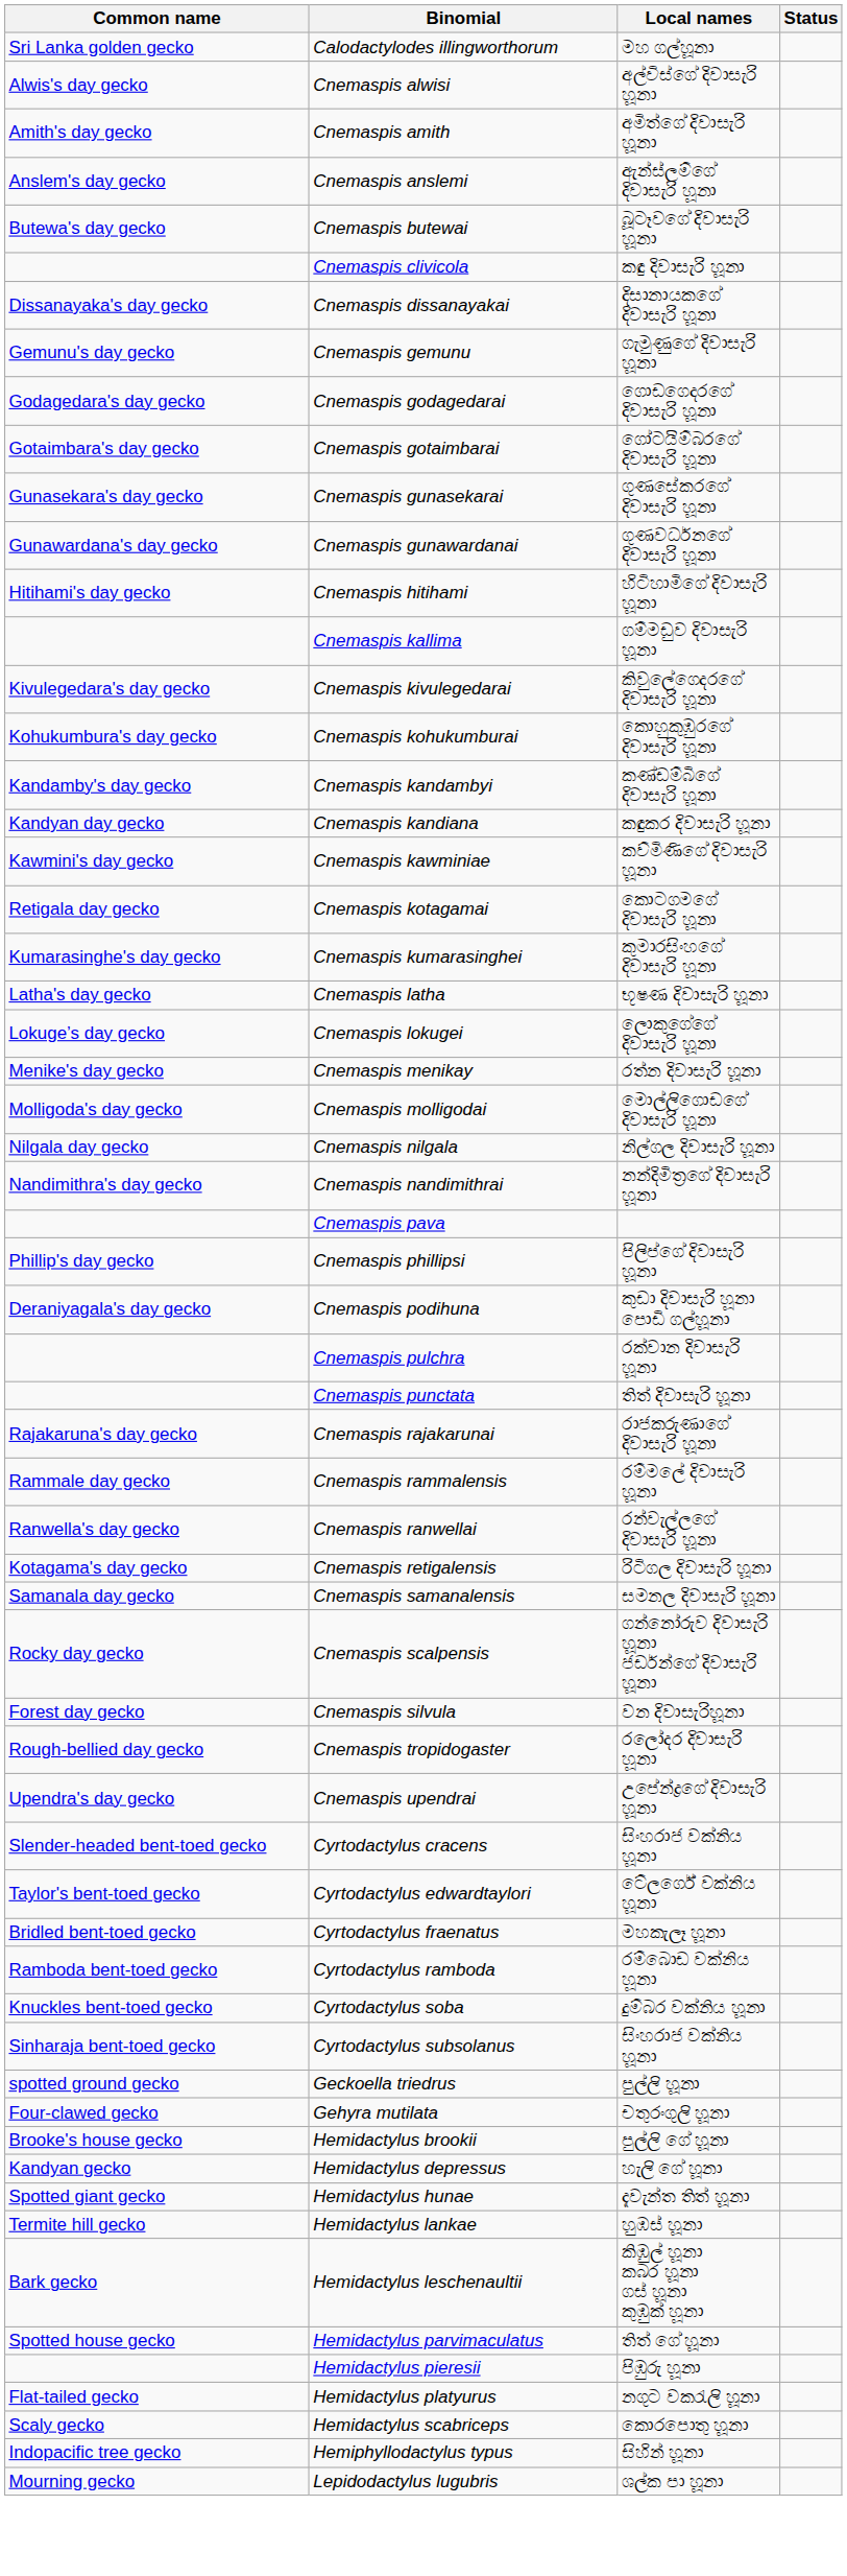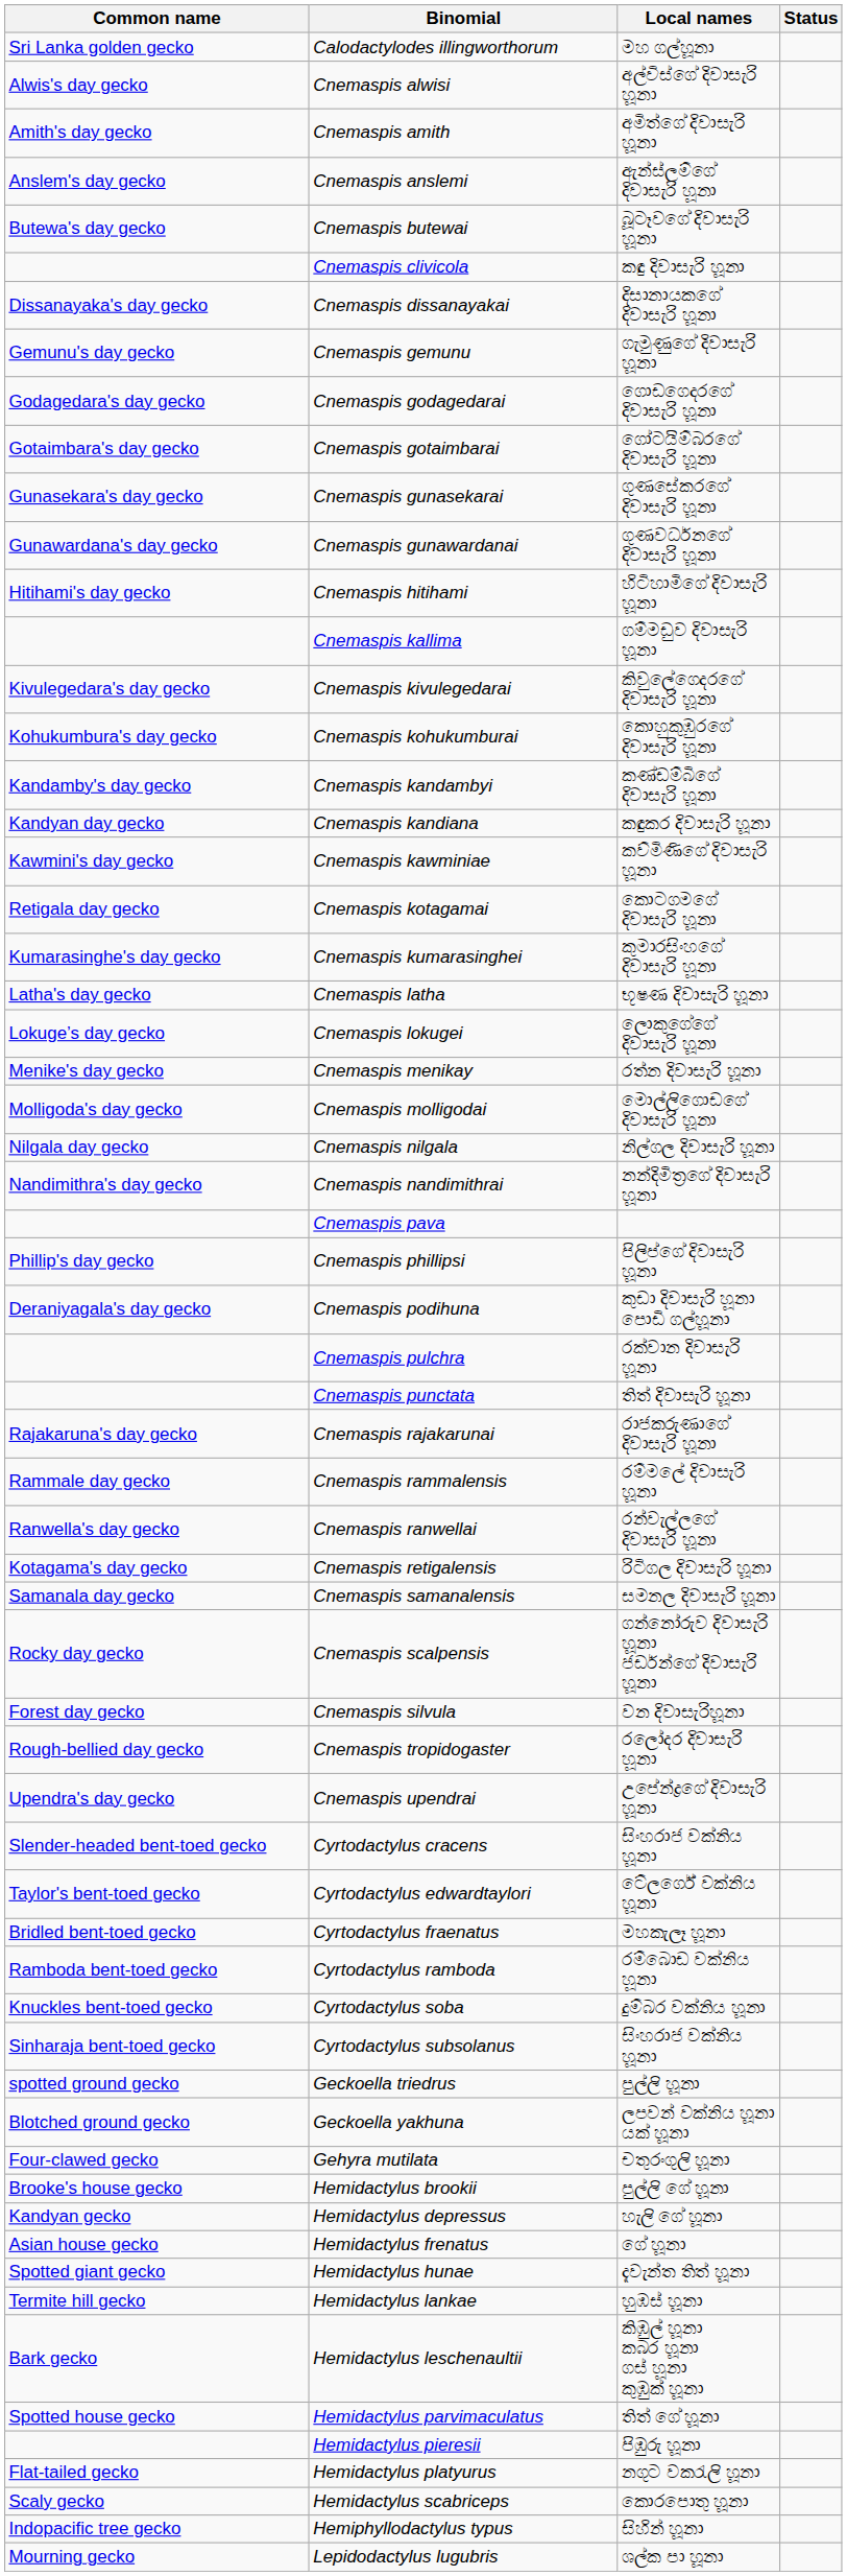 <table width=60% class="wikitable">
 <tr>
 <th width=40%>Common name</th>
 <th width=40%>Binomial</th>
 <th width=40%>Local names</th>
 <th width=20%>Status</th>
 </tr>
 <tr>
 <td><a href='#'>Sri Lanka golden gecko</a></td>
 <td><em>Calodactylodes illingworthorum</em></td>
 <td>මහ ගල්හූනා</td>
 <td></td>
 </tr>
 <tr>
 <td><a href='#'>Alwis's day gecko</a></td>
 <td><em>Cnemaspis alwisi</em></td>
 <td>අල්විස්ගේ දිවාසැරි හූනා</td>
 <td></td>
 </tr>
 <tr>
 <td><a href='#'>Amith's day gecko</a><br></td>
 <td><em>Cnemaspis amith</em></td>
 <td>අමිත්ගේ දිවාසැරි හූනා</td>
 <td></td>
 </tr>
 <tr>
 <td><a href='#'>Anslem's day gecko</a></td>
 <td><em>Cnemaspis anslemi</em></td>
 <td>ඇන්ස්ලම්ගේ දිවාසැරි හූනා</td>
 <td></td>
 </tr>
 <tr>
 <td><a href='#'>Butewa's day gecko</a></td>
 <td><em>Cnemaspis butewai</em></td>
 <td>බූටෑවගේ දිවාසැරි හූනා</td>
 <td></td>
 </tr>
 <tr>
 <td></td>
 <td><em><a href='#'>Cnemaspis clivicola</a></em></td>
 <td>කඳු දිවාසැරි හූනා</td>
 <td></td>
 </tr>
 <tr>
 <td><a href='#'>Dissanayaka's day gecko</a></td>
 <td><em>Cnemaspis dissanayakai</em></td>
 <td>දිසානායකගේ දිවාසැරි හූනා</td>
 <td></td>
 </tr>
 <tr>
 <td><a href='#'>Gemunu's day gecko</a></td>
 <td><em>Cnemaspis gemunu</em></td>
 <td>ගැමුණුගේ දිවාසැරි හූනා</td>
 <td></td>
 </tr>
 <tr>
 <td><a href='#'>Godagedara's day gecko</a></td>
 <td><em>Cnemaspis godagedarai</em></td>
 <td>ගොඩගෙදරගේ දිවාසැරි හූනා</td>
 <td></td>
 </tr>
 <tr>
 <td><a href='#'>Gotaimbara's day gecko</a></td>
 <td><em>Cnemaspis gotaimbarai</em></td>
 <td>ගෝටයිම්බරගේ දිවාසැරි හූනා</td>
 <td></td>
 </tr>
 <tr>
 <td><a href='#'>Gunasekara's day gecko</a></td>
 <td><em>Cnemaspis gunasekarai</em></td>
 <td>ගුණසේකරගේ දිවාසැරි හූනා</td>
 <td></td>
 </tr>
 <tr>
 <td><a href='#'>Gunawardana's day gecko</a></td>
 <td><em>Cnemaspis gunawardanai</em></td>
 <td>ගුණවර්ධනගේ දිවාසැරි හූනා</td>
 <td></td>
 </tr>
 <tr>
 <td><a href='#'>Hitihami's day gecko</a></td>
 <td><em>Cnemaspis hitihami</em></td>
 <td>හිටිහාමිගේ දිවාසැරි හූනා</td>
 <td></td>
 </tr>
 <tr>
 <td></td>
 <td><em><a href='#'>Cnemaspis kallima</a></em></td>
 <td>ගම්මඩුව දිවාසැරි හූනා</td>
 <td></td>
 </tr>
 <tr>
 <td><a href='#'>Kivulegedara's day gecko</a></td>
 <td><em>Cnemaspis kivulegedarai</em></td>
 <td>කිවුලේගෙදරගේ දිවාසැරි හූනා</td>
 <td></td>
 </tr>
 <tr>
 <td><a href='#'>Kohukumbura's day gecko</a></td>
 <td><em>Cnemaspis kohukumburai</em></td>
 <td>කොහුකුඹුරගේ දිවාසැරි හූනා</td>
 <td></td>
 </tr>
 <tr>
 <td><a href='#'>Kandamby's day gecko</a></td>
 <td><em>Cnemaspis kandambyi</em></td>
 <td>කණ්ඩම්බිගේ දිවාසැරි හූනා</td>
 <td></td>
 </tr>
 <tr>
 <td><a href='#'>Kandyan day gecko</a></td>
 <td><em>Cnemaspis kandiana</em></td>
 <td>කඳුකර දිවාසැරි හූනා</td>
 <td></td>
 </tr>
 <tr>
 <td><a href='#'>Kawmini's day gecko</a></td>
 <td><em>Cnemaspis kawminiae</em></td>
 <td>කව්මිණිගේ දිවාසැරි හූනා</td>
 <td></td>
 </tr>
 <tr>
 <td><a href='#'>Retigala day gecko</a></td>
 <td><em>Cnemaspis kotagamai</em></td>
 <td>කොටගමගේ දිවාසැරි හූනා</td>
 <td></td>
 </tr>
 <tr>
 <td><a href='#'>Kumarasinghe's day gecko</a></td>
 <td><em>Cnemaspis kumarasinghei</em></td>
 <td>කුමාරසිංහගේ දිවාසැරි හූනා</td>
 <td></td>
 </tr>
 <tr>
 <td><a href='#'>Latha's day gecko</a></td>
 <td><em>Cnemaspis latha</em></td>
 <td>භූෂණ දිවාසැරි හූනා</td>
 <td></td>
 </tr>
 <tr>
 <td><a href='#'>Lokuge’s day gecko</a><br></td>
 <td><em>Cnemaspis lokugei</em></td>
 <td>ලොකුගේගේ දිවාසැරි හූනා</td>
 <td></td>
 </tr>
 <tr>
 <td><a href='#'>Menike's day gecko</a></td>
 <td><em>Cnemaspis menikay</em></td>
 <td>රත්න දිවාසැරි හූනා</td>
 <td></td>
 </tr>
 <tr>
 <td><a href='#'>Molligoda's day gecko</a></td>
 <td><em>Cnemaspis molligodai</em></td>
 <td>මොල්ලිගොඩගේ දිවාසැරි හූනා</td>
 <td></td>
 </tr>
 <tr>
 <td><a href='#'>Nilgala day gecko</a></td>
 <td><em>Cnemaspis nilgala</em></td>
 <td>නිල්ගල දිවාසැරි හූනා</td>
 <td></td>
 </tr>
 <tr>
 <td><a href='#'>Nandimithra's day gecko</a></td>
 <td><em>Cnemaspis nandimithrai</em></td>
 <td>නන්දිමිත්‍රගේ දිවාසැරි හූනා</td>
 <td></td>
 </tr>
 <tr>
 <td></td>
 <td><em><a href='#'>Cnemaspis pava</a></em></td>
 <td></td>
 <td></td>
 </tr>
 <tr>
 <td><a href='#'>Phillip's day gecko</a></td>
 <td><em>Cnemaspis phillipsi</em></td>
 <td>පිලිප්ගේ දිවාසැරි හූනා</td>
 <td></td>
 </tr>
 <tr>
 <td><a href='#'>Deraniyagala's day gecko</a></td>
 <td><em>Cnemaspis podihuna</em></td>
 <td>කුඩා දිවාසැරි හූනා<br> පොඩි ගල්හූනා</td>
 <td></td>
 </tr>
 <tr>
 <td></td>
 <td><em><a href='#'>Cnemaspis pulchra</a></em></td>
 <td>රක්වාන දිවාසැරි හූනා</td>
 <td></td>
 </tr>
 <tr>
 <td></td>
 <td><em><a href='#'>Cnemaspis punctata</a></em></td>
 <td>තිත් දිවාසැරි හූනා</td>
 <td></td>
 </tr>
 <tr>
 <td><a href='#'>Rajakaruna's day gecko</a></td>
 <td><em>Cnemaspis rajakarunai</em></td>
 <td>රාජකරුණාගේ දිවාසැරි හූනා</td>
 <td></td>
 </tr>
 <tr>
 <td><a href='#'>Rammale day gecko</a></td>
 <td><em>Cnemaspis rammalensis</em></td>
 <td>රම්මලේ දිවාසැරි හූනා</td>
 <td></td>
 </tr>
 <tr>
 <td><a href='#'>Ranwella's day gecko</a></td>
 <td><em>Cnemaspis ranwellai</em></td>
 <td>රන්වැල්ලගේ දිවාසැරි හූනා</td>
 <td></td>
 </tr>
 <tr>
 <td><a href='#'>Kotagama's day gecko</a></td>
 <td><em>Cnemaspis retigalensis</em></td>
 <td>රිටිගල දිවාසැරි හූනා</td>
 <td></td>
 </tr>
 <tr>
 <td><a href='#'>Samanala day gecko</a></td>
 <td><em>Cnemaspis samanalensis</em></td>
 <td>සමනල දිවාසැරි හූනා</td>
 <td></td>
 </tr>
 <tr>
 <td><a href='#'>Rocky day gecko</a></td>
 <td><em>Cnemaspis scalpensis</em></td>
 <td>ගන්නෝරුව දිවාසැරි හූනා<br> ජර්ඩන්ගේ දිවාසැරි හූනා</td>
 <td></td>
 </tr>
 <tr>
 <td><a href='#'>Forest day gecko</a></td>
 <td><em>Cnemaspis silvula</em></td>
 <td>වන දිවාසැරිහූනා</td>
 <td></td>
 </tr>
 <tr>
 <td><a href='#'>Rough-bellied day gecko</a><br></td>
 <td><em>Cnemaspis tropidogaster</em></td>
 <td>රලෝදර දිවාසැරි හූනා</td>
 <td></td>
 </tr>
 <tr>
 <td><a href='#'>Upendra's day gecko</a></td>
 <td><em>Cnemaspis upendrai</em></td>
 <td>උපේන්ද්‍රගේ දිවාසැරි හූනා</td>
 <td></td>
 </tr>
 <tr>
 <td><a href='#'>Slender-headed bent-toed gecko</a></td>
 <td><em>Cyrtodactylus cracens</em></td>
 <td>සිංහරාජ වක්නිය හූනා</td>
 <td></td>
 </tr>
 <tr>
 <td><a href='#'>Taylor's bent-toed gecko</a></td>
 <td><em>Cyrtodactylus edwardtaylori</em></td>
 <td>ටේලර්ගේ වක්නිය හූනා</td>
 <td></td>
 </tr>
 <tr>
 <td><a href='#'>Bridled bent-toed gecko</a></td>
 <td><em>Cyrtodactylus fraenatus</em></td>
 <td>මහකැලෑ හූනා</td>
 <td></td>
 </tr>
 <tr>
 <td><a href='#'>Ramboda bent-toed gecko</a></td>
 <td><em>Cyrtodactylus ramboda</em></td>
 <td>රම්බොඩ වක්නිය හූනා</td>
 <td></td>
 </tr>
 <tr>
 <td><a href='#'>Knuckles bent-toed gecko</a></td>
 <td><em>Cyrtodactylus soba</em></td>
 <td>දුම්බර වක්නිය හූනා</td>
 <td></td>
 </tr>
 <tr>
 <td><a href='#'>Sinharaja bent-toed gecko</a></td>
 <td><em>Cyrtodactylus subsolanus</em></td>
 <td>සිංහරාජ වක්නිය හූනා</td>
 <td></td>
 </tr>
 <tr>
 <td><a href='#'>spotted ground gecko</a></td>
 <td><em>Geckoella triedrus</em></td>
 <td>පුල්ලි හූනා</td>
 <td></td>
 </tr>
 <tr>
+<td><a href='#'>Blotched ground gecko</a></td>
+<td><em>Geckoella yakhuna</em></td>
+<td>ලපවන් වක්නිය හූනා<br> යක් හූනා</td>
+<td></td>
+</tr>
+<tr>
 <td><a href='#'>Four-clawed gecko</a><br></td>
 <td><em>Gehyra mutilata</em></td>
 <td>චතුරංගුලි හූනා</td>
 <td></td>
 </tr>
 <tr>
 <td><a href='#'>Brooke's house gecko</a><br></td>
 <td><em>Hemidactylus brookii</em></td>
 <td>පුල්ලි ගේ හූනා</td>
 <td></td>
 </tr>
 <tr>
 <td><a href='#'>Kandyan gecko</a><br></td>
 <td><em>Hemidactylus depressus</em></td>
 <td>හැලි ගේ හූනා</td>
+<td></td>
+</tr>
+<tr>
+<td><a href='#'>Asian house gecko</a><br></td>
+<td><em>Hemidactylus frenatus</em></td>
+<td>ගේ හූනා</td>
 <td></td>
 </tr>
 <tr>
 <td><a href='#'>Spotted giant gecko</a></td>
 <td><em>Hemidactylus hunae</em></td>
 <td>දැවැන්ත තිත් හූනා</td>
 <td></td>
 </tr>
 <tr>
 <td><a href='#'>Termite hill gecko</a><br></td>
 <td><em>Hemidactylus lankae</em></td>
 <td>හුඹස් හූනා</td>
 <td></td>
 </tr>
 <tr>
 <td><a href='#'>Bark gecko</a><br></td>
 <td><em>Hemidactylus leschenaultii</em></td>
 <td>කිඹුල් හූනා<br> කබර හූනා<br> ගස්‌ හූනා <br>කුඹුක්‌ හූනා</td>
 <td></td>
 </tr>
 <tr>
 <td><a href='#'>Spotted house gecko</a><br></td>
 <td><em><a href='#'>Hemidactylus parvimaculatus</a></em></td>
 <td>තිත් ගේ හූනා</td>
 <td></td>
 </tr>
 <tr>
 <td></td>
 <td><em><a href='#'>Hemidactylus pieresii</a></em></td>
 <td>පිඹුරු හූනා</td>
 <td></td>
 </tr>
 <tr>
 <td><a href='#'>Flat-tailed gecko</a><br></td>
 <td><em>Hemidactylus platyurus</em></td>
 <td>නගුට වකරැලි හූනා</td>
 <td></td>
 </tr>
 <tr>
 <td><a href='#'>Scaly gecko</a><br></td>
 <td><em>Hemidactylus scabriceps</em></td>
 <td>කොරපොතු හූනා</td>
 <td></td>
 </tr>
 <tr>
 <td><a href='#'>Indopacific tree gecko</a><br></td>
 <td><em>Hemiphyllodactylus typus</em></td>
 <td>සිහින් හූනා</td>
 <td></td>
 </tr>
 <tr>
 <td><a href='#'>Mourning gecko</a><br></td>
 <td><em>Lepidodactylus lugubris</em></td>
 <td>ශල්ක පා හූනා</td>
 <td></td>
 </tr>
 </table>
